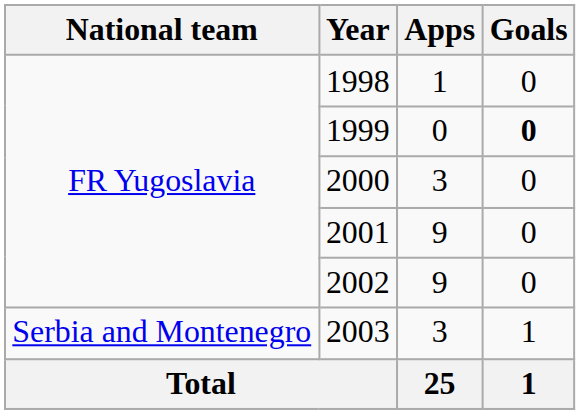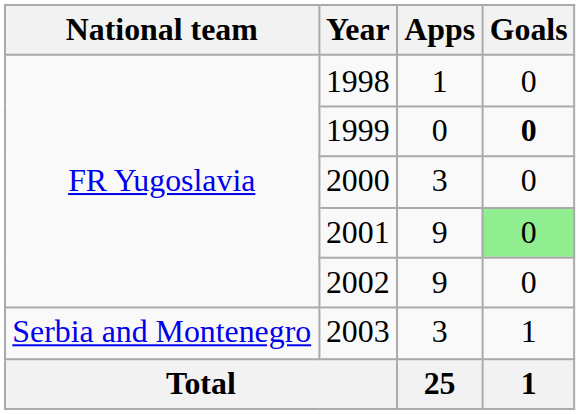 <table class="wikitable" style="text-align:center">
 <tr>
 <th>National team</th>
 <th>Year</th>
 <th>Apps</th>
 <th>Goals</th>
 </tr>
 <tr>
 <td rowspan="5"><a href='#'>FR Yugoslavia</a></td>
 <td>1998</td>
 <td>1</td>
 <td>0</td>
 </tr>
 <tr>
 <td>1999</td>
 <td>0</td>
 <td><strong>0</strong></td>
 </tr>
 <tr>
 <td>2000</td>
 <td>3</td>
 <td>0</td>
 </tr>
 <tr>
 <td>2001</td>
 <td>9</td>
-<td>0</td>
+<td style="background: lightgreen;">0</td>
 </tr>
 <tr>
 <td>2002</td>
 <td>9</td>
 <td>0</td>
 </tr>
 <tr>
 <td><a href='#'>Serbia and Montenegro</a></td>
 <td>2003</td>
 <td>3</td>
 <td>1</td>
 </tr>
 <tr>
 <th colspan="2">Total</th>
 <th>25</th>
 <th>1</th>
 </tr>
 </table>
